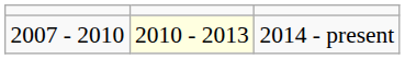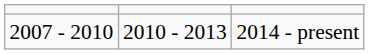 <table class="wikitable" style="text-align:center">
 <tr>
 <td></td>
 <td></td>
 <td></td>
 </tr>
 <tr>
 <td>2007 - 2010</td>
-<td style="background: lightyellow;">2010 - 2013</td>
+<td>2010 - 2013</td>
 <td>2014 - present</td>
 </tr>
 </table>
